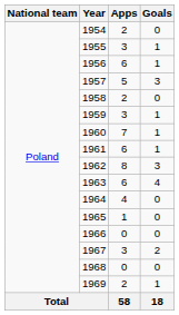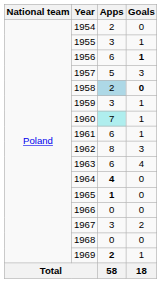 <table class="wikitable" style="text-align:center">
 <tr>
 <th>National team</th>
 <th>Year</th>
 <th>Apps</th>
 <th>Goals</th>
 </tr>
 <tr>
 <td rowspan="16"><a href='#'>Poland</a></td>
 <td>1954</td>
 <td>2</td>
 <td>0</td>
 </tr>
 <tr>
 <td>1955</td>
 <td>3</td>
 <td>1</td>
 </tr>
 <tr>
 <td>1956</td>
 <td>6</td>
-<td>1</td>
+<td><strong>1</strong></td>
 </tr>
 <tr>
 <td>1957</td>
 <td>5</td>
 <td>3</td>
 </tr>
 <tr>
 <td>1958</td>
-<td>2</td>
-<td>0</td>
+<td style="background: lightblue;">2</td>
+<td><strong>0</strong></td>
 </tr>
 <tr>
 <td>1959</td>
 <td>3</td>
 <td>1</td>
 </tr>
 <tr>
 <td>1960</td>
-<td>7</td>
+<td style="background: paleturquoise;">7</td>
 <td>1</td>
 </tr>
 <tr>
 <td>1961</td>
 <td>6</td>
 <td>1</td>
 </tr>
 <tr>
 <td>1962</td>
 <td>8</td>
 <td>3</td>
 </tr>
 <tr>
 <td>1963</td>
 <td>6</td>
 <td>4</td>
 </tr>
 <tr>
 <td>1964</td>
-<td>4</td>
+<td><strong>4</strong></td>
 <td>0</td>
 </tr>
 <tr>
 <td>1965</td>
-<td>1</td>
+<td><strong>1</strong></td>
 <td>0</td>
 </tr>
 <tr>
 <td>1966</td>
 <td>0</td>
 <td>0</td>
 </tr>
 <tr>
 <td>1967</td>
 <td>3</td>
 <td>2</td>
 </tr>
 <tr>
 <td>1968</td>
 <td>0</td>
 <td>0</td>
 </tr>
 <tr>
 <td>1969</td>
-<td>2</td>
+<td><strong>2</strong></td>
 <td>1</td>
 </tr>
 <tr>
 <th colspan="2">Total</th>
 <th>58</th>
 <th>18</th>
 </tr>
 </table>
